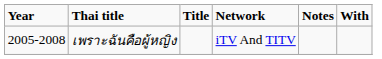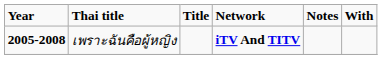 <table class="wikitable" style="font-size: 85%;">
 <tr>
 <td><strong>Year</strong></td>
 <td><strong>Thai title</strong></td>
 <td><strong>Title</strong></td>
 <td><strong>Network</strong></td>
 <td><strong>Notes</strong></td>
 <td><strong>With</strong></td>
 </tr>
 <tr>
-<td rowspan="1">2005-2008</td>
+<td rowspan="1"><strong>2005-2008</strong></td>
 <td><em>เพราะฉันคือผู้หญิง</em></td>
 <td><em> </em></td>
-<td><a href='#'>iTV</a> And <a href='#'>TITV</a></td>
+<td><strong><a href='#'>iTV</a> And <a href='#'>TITV</a></strong></td>
 <td></td>
 <td></td>
 </tr>
 <tr>
 </tr>
 </table>
